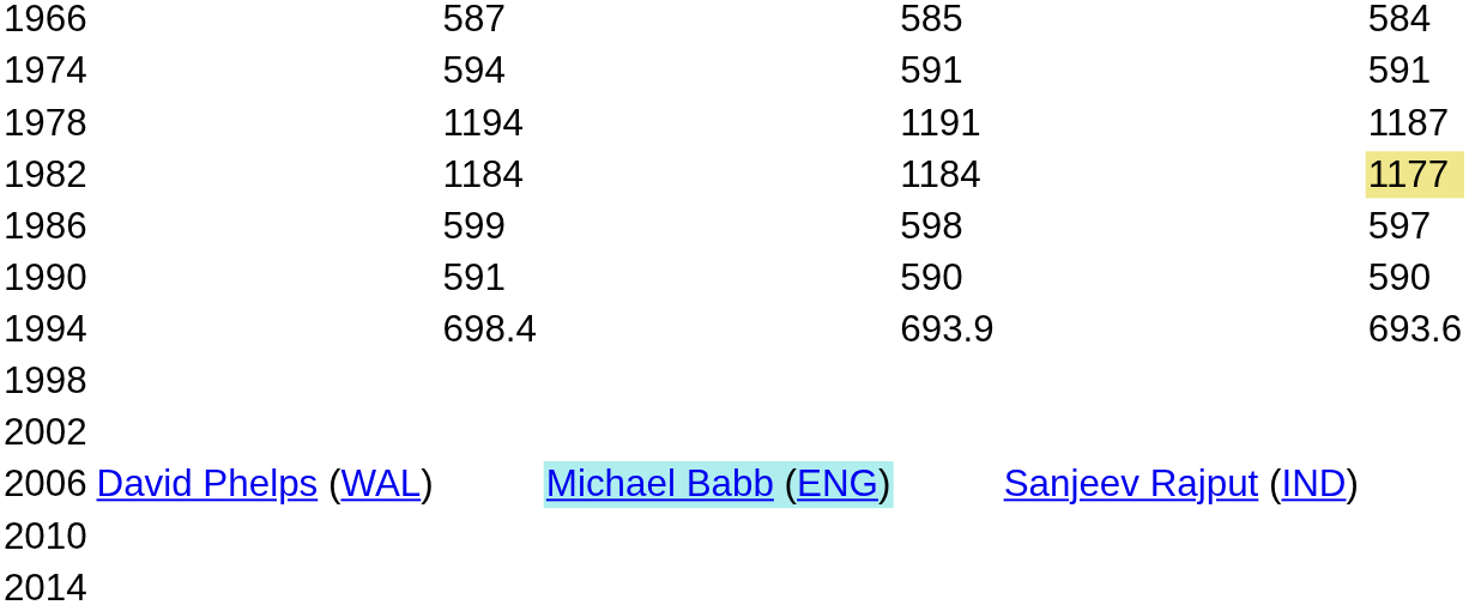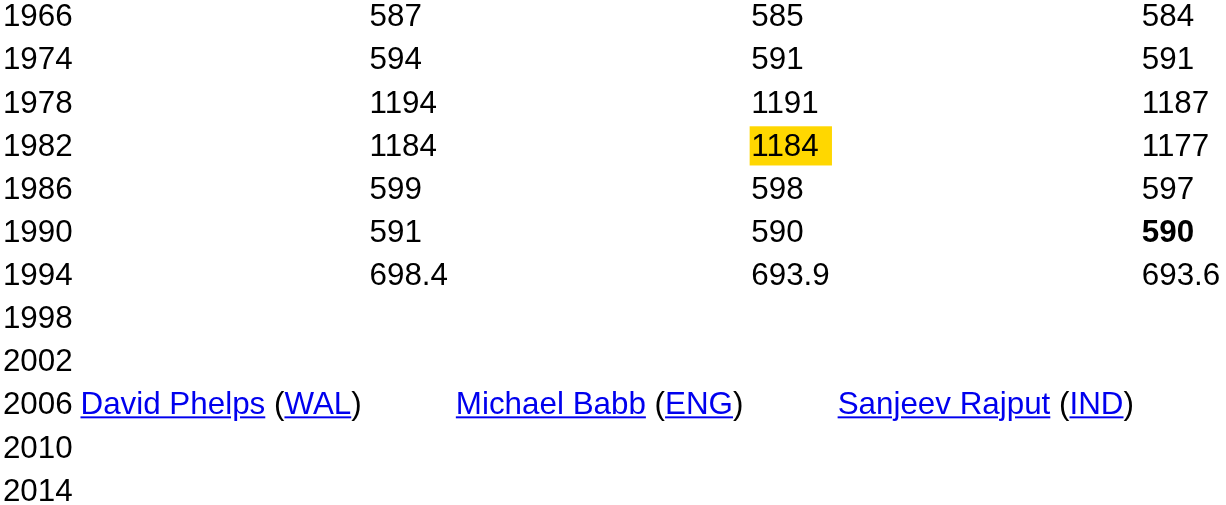 <table>
 <tr>
 <td>1966</td>
 <td></td>
 <td>587</td>
 <td></td>
 <td>585</td>
 <td></td>
 <td>584</td>
 </tr>
 <tr>
 <td>1974</td>
 <td></td>
 <td>594</td>
 <td></td>
 <td>591</td>
 <td></td>
 <td>591</td>
 </tr>
 <tr>
 <td>1978</td>
 <td></td>
 <td>1194</td>
 <td></td>
 <td>1191</td>
 <td></td>
 <td>1187</td>
 </tr>
 <tr>
 <td>1982</td>
 <td></td>
 <td>1184</td>
 <td></td>
-<td>1184</td>
+<td style="background: gold;">1184</td>
 <td></td>
-<td style="background: khaki;">1177</td>
+<td>1177</td>
 </tr>
 <tr>
 <td>1986</td>
 <td></td>
 <td>599</td>
 <td></td>
 <td>598</td>
 <td><br></td>
 <td>597</td>
 </tr>
 <tr>
 <td>1990</td>
 <td></td>
 <td>591</td>
 <td></td>
 <td>590</td>
 <td></td>
-<td>590</td>
+<td><strong>590</strong></td>
 </tr>
 <tr>
 <td>1994</td>
 <td></td>
 <td>698.4</td>
 <td></td>
 <td>693.9</td>
 <td></td>
 <td>693.6</td>
 </tr>
 <tr>
 <td>1998</td>
 <td></td>
 <td></td>
 <td></td>
 <td></td>
 <td></td>
 <td></td>
 </tr>
 <tr>
 <td>2002</td>
 <td></td>
 <td></td>
 <td></td>
 <td></td>
 <td></td>
 <td></td>
 </tr>
 <tr>
 <td>2006</td>
 <td> <a href='#'>David Phelps</a> (<a href='#'>WAL</a>)</td>
 <td></td>
-<td style="background: paleturquoise;"> <a href='#'>Michael Babb</a> (<a href='#'>ENG</a>)</td>
+<td> <a href='#'>Michael Babb</a> (<a href='#'>ENG</a>)</td>
 <td></td>
 <td> <a href='#'>Sanjeev Rajput</a> (<a href='#'>IND</a>)</td>
 <td></td>
 </tr>
 <tr>
 <td>2010<br></td>
 <td></td>
 <td></td>
 <td></td>
 <td></td>
 <td></td>
 <td></td>
 </tr>
 <tr>
 <td>2014<br></td>
 <td></td>
 <td></td>
 <td></td>
 <td></td>
 <td></td>
 <td></td>
 </tr>
 </table>
